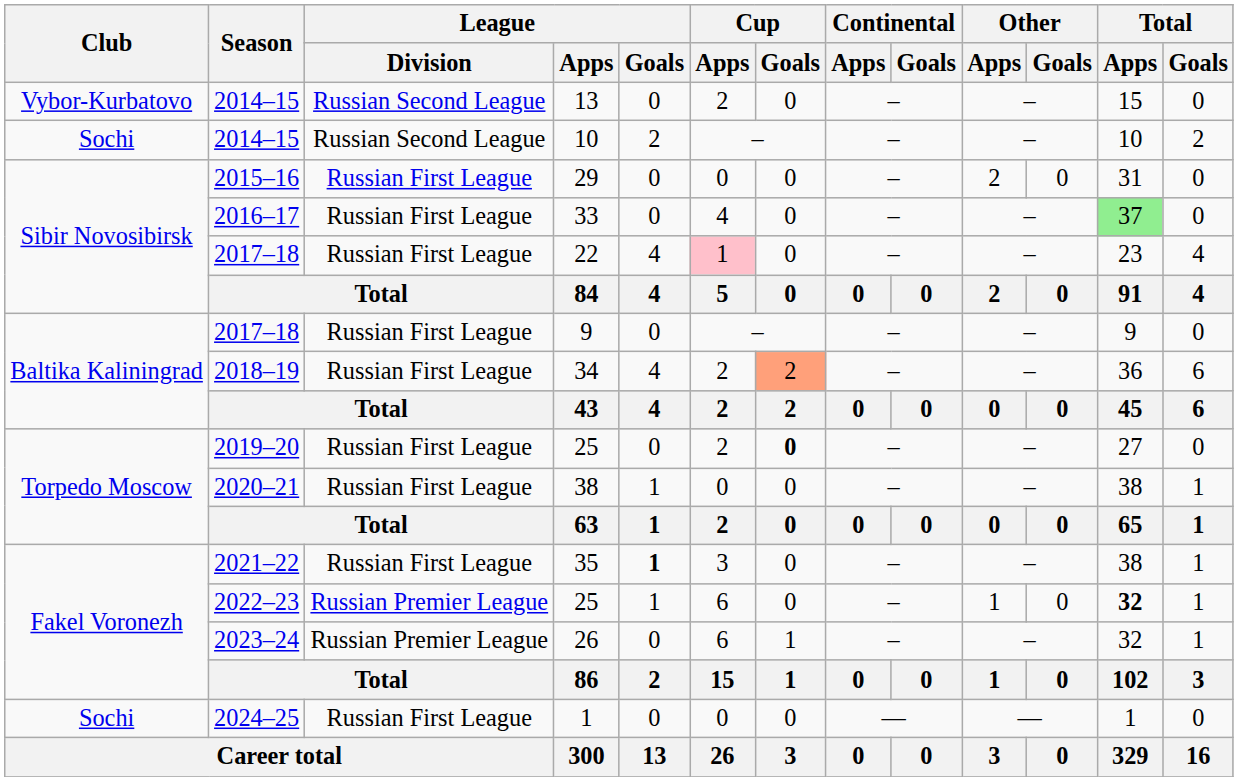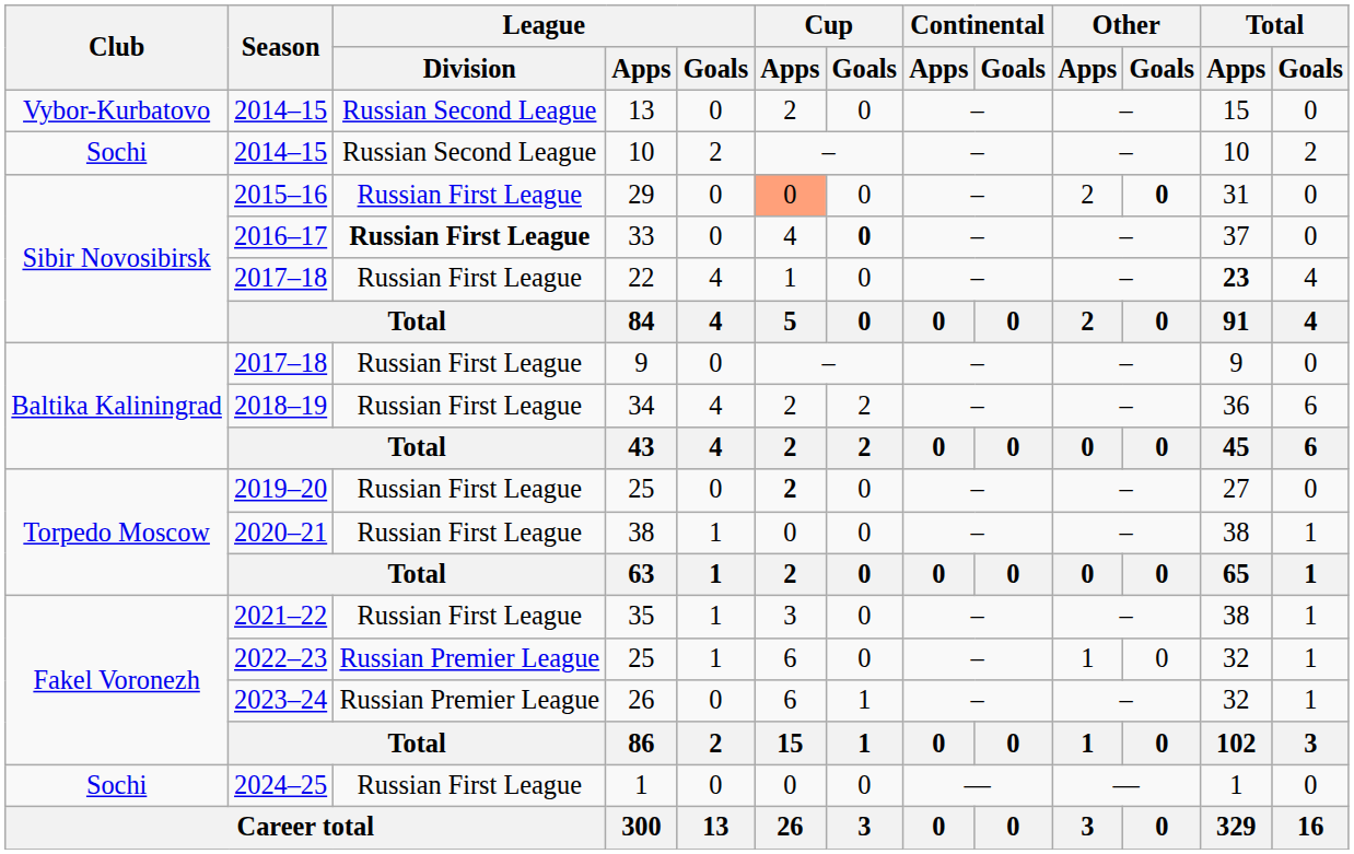 <table class="wikitable" style="text-align: center;">
 <tr>
 <th rowspan=2>Club</th>
 <th rowspan=2>Season</th>
 <th colspan=3>League</th>
 <th colspan=2>Cup</th>
 <th colspan=2>Continental</th>
 <th colspan=2>Other</th>
 <th colspan=2>Total</th>
 </tr>
 <tr>
 <th>Division</th>
 <th>Apps</th>
 <th>Goals</th>
 <th>Apps</th>
 <th>Goals</th>
 <th>Apps</th>
 <th>Goals</th>
 <th>Apps</th>
 <th>Goals</th>
 <th>Apps</th>
 <th>Goals</th>
 </tr>
 <tr>
 <td><a href='#'>Vybor-Kurbatovo</a></td>
 <td><a href='#'>2014–15</a></td>
 <td><a href='#'>Russian Second League</a></td>
 <td>13</td>
 <td>0</td>
 <td>2</td>
 <td>0</td>
 <td colspan=2>–</td>
 <td colspan=2>–</td>
 <td>15</td>
 <td>0</td>
 </tr>
 <tr>
 <td><a href='#'>Sochi</a></td>
 <td><a href='#'>2014–15</a></td>
 <td>Russian Second League</td>
 <td>10</td>
 <td>2</td>
 <td colspan=2>–</td>
 <td colspan=2>–</td>
 <td colspan=2>–</td>
 <td>10</td>
 <td>2</td>
 </tr>
 <tr>
 <td rowspan="4"><a href='#'>Sibir Novosibirsk</a></td>
 <td><a href='#'>2015–16</a></td>
 <td><a href='#'>Russian First League</a></td>
 <td>29</td>
 <td>0</td>
-<td>0</td>
+<td style="background: lightsalmon;">0</td>
 <td>0</td>
 <td colspan=2>–</td>
 <td>2</td>
-<td>0</td>
+<td><strong>0</strong></td>
 <td>31</td>
 <td>0</td>
 </tr>
 <tr>
 <td><a href='#'>2016–17</a></td>
-<td>Russian First League</td>
+<td><strong>Russian First League</strong></td>
 <td>33</td>
 <td>0</td>
 <td>4</td>
-<td>0</td>
+<td><strong>0</strong></td>
 <td colspan=2>–</td>
 <td colspan=2>–</td>
-<td style="background: lightgreen;">37</td>
+<td>37</td>
 <td>0</td>
 </tr>
 <tr>
 <td><a href='#'>2017–18</a></td>
 <td>Russian First League</td>
 <td>22</td>
 <td>4</td>
-<td style="background: pink;">1</td>
+<td>1</td>
 <td>0</td>
 <td colspan=2>–</td>
 <td colspan=2>–</td>
-<td>23</td>
+<td><strong>23</strong></td>
 <td>4</td>
 </tr>
 <tr>
 <th colspan=2>Total</th>
 <th>84</th>
 <th>4</th>
 <th>5</th>
 <th>0</th>
 <th>0</th>
 <th>0</th>
 <th>2</th>
 <th>0</th>
 <th>91</th>
 <th>4</th>
 </tr>
 <tr>
 <td rowspan="3"><a href='#'>Baltika Kaliningrad</a></td>
 <td><a href='#'>2017–18</a></td>
 <td>Russian First League</td>
 <td>9</td>
 <td>0</td>
 <td colspan=2>–</td>
 <td colspan=2>–</td>
 <td colspan=2>–</td>
 <td>9</td>
 <td>0</td>
 </tr>
 <tr>
 <td><a href='#'>2018–19</a></td>
 <td>Russian First League</td>
 <td>34</td>
 <td>4</td>
 <td>2</td>
-<td style="background: lightsalmon;">2</td>
+<td>2</td>
 <td colspan=2>–</td>
 <td colspan=2>–</td>
 <td>36</td>
 <td>6</td>
 </tr>
 <tr>
 <th colspan=2>Total</th>
 <th>43</th>
 <th>4</th>
 <th>2</th>
 <th>2</th>
 <th>0</th>
 <th>0</th>
 <th>0</th>
 <th>0</th>
 <th>45</th>
 <th>6</th>
 </tr>
 <tr>
 <td rowspan="3"><a href='#'>Torpedo Moscow</a></td>
 <td><a href='#'>2019–20</a></td>
 <td>Russian First League</td>
 <td>25</td>
 <td>0</td>
-<td>2</td>
-<td><strong>0</strong></td>
+<td><strong>2</strong></td>
+<td>0</td>
 <td colspan=2>–</td>
 <td colspan=2>–</td>
 <td>27</td>
 <td>0</td>
 </tr>
 <tr>
 <td><a href='#'>2020–21</a></td>
 <td>Russian First League</td>
 <td>38</td>
 <td>1</td>
 <td>0</td>
 <td>0</td>
 <td colspan=2>–</td>
 <td colspan=2>–</td>
 <td>38</td>
 <td>1</td>
 </tr>
 <tr>
 <th colspan=2>Total</th>
 <th>63</th>
 <th>1</th>
 <th>2</th>
 <th>0</th>
 <th>0</th>
 <th>0</th>
 <th>0</th>
 <th>0</th>
 <th>65</th>
 <th>1</th>
 </tr>
 <tr>
 <td rowspan="4"><a href='#'>Fakel Voronezh</a></td>
 <td><a href='#'>2021–22</a></td>
 <td>Russian First League</td>
 <td>35</td>
-<td><strong>1</strong></td>
+<td>1</td>
 <td>3</td>
 <td>0</td>
 <td colspan=2>–</td>
 <td colspan=2>–</td>
 <td>38</td>
 <td>1</td>
 </tr>
 <tr>
 <td><a href='#'>2022–23</a></td>
 <td><a href='#'>Russian Premier League</a></td>
 <td>25</td>
 <td>1</td>
 <td>6</td>
 <td>0</td>
 <td colspan=2>–</td>
 <td>1</td>
 <td>0</td>
-<td><strong>32</strong></td>
+<td>32</td>
 <td>1</td>
 </tr>
 <tr>
 <td><a href='#'>2023–24</a></td>
 <td>Russian Premier League</td>
 <td>26</td>
 <td>0</td>
 <td>6</td>
 <td>1</td>
 <td colspan=2>–</td>
 <td colspan=2>–</td>
 <td>32</td>
 <td>1</td>
 </tr>
 <tr>
 <th colspan=2>Total</th>
 <th>86</th>
 <th>2</th>
 <th>15</th>
 <th>1</th>
 <th>0</th>
 <th>0</th>
 <th>1</th>
 <th>0</th>
 <th>102</th>
 <th>3</th>
 </tr>
 <tr>
 <td><a href='#'>Sochi</a></td>
 <td><a href='#'>2024–25</a></td>
 <td>Russian First League</td>
 <td>1</td>
 <td>0</td>
 <td>0</td>
 <td>0</td>
 <td colspan="2">—</td>
 <td colspan="2">—</td>
 <td>1</td>
 <td>0</td>
 </tr>
 <tr>
 <th colspan=3>Career total</th>
 <th>300</th>
 <th>13</th>
 <th>26</th>
 <th>3</th>
 <th>0</th>
 <th>0</th>
 <th>3</th>
 <th>0</th>
 <th>329</th>
 <th>16</th>
 </tr>
 </table>
